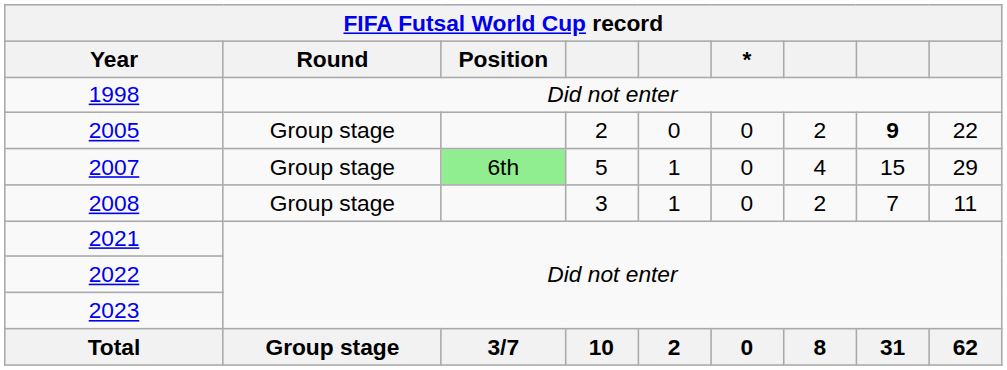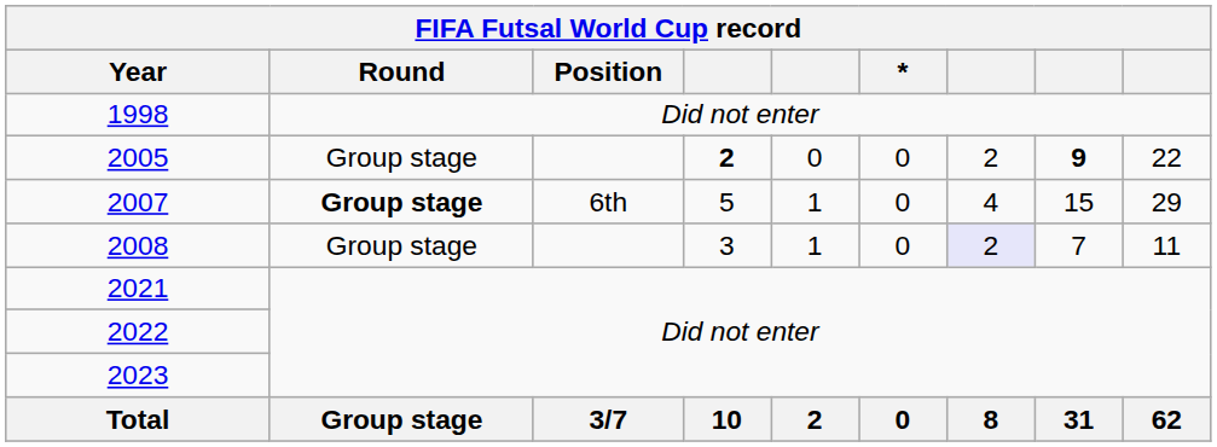 <table class="wikitable" style="font-size:90%; text-align:center;" width="50%">
 <tr>
 <th colspan="9"><a href='#'>FIFA Futsal World Cup</a> record</th>
 </tr>
 <tr>
 <th width="15%">Year</th>
 <th width="15%">Round</th>
 <th width="5%">Position</th>
 <th width="5%"></th>
 <th width="5%"></th>
 <th width="5%">*</th>
 <th width="5%"></th>
 <th width="5%"></th>
 <th width="5%"></th>
 </tr>
 <tr>
 <td> <a href='#'>1998</a></td>
 <td colspan="8"><em>Did not enter</em></td>
 </tr>
 <tr bgcolor="">
 <td> <a href='#'>2005</a></td>
 <td>Group stage</td>
 <td></td>
-<td>2</td>
+<td><strong>2</strong></td>
 <td>0</td>
 <td>0</td>
 <td>2</td>
 <td><strong>9</strong></td>
 <td>22</td>
 </tr>
 <tr>
 <td> <a href='#'>2007</a></td>
-<td>Group stage</td>
-<td style="background: lightgreen;">6th</td>
+<td><strong>Group stage</strong></td>
+<td>6th</td>
 <td>5</td>
 <td>1</td>
 <td>0</td>
 <td>4</td>
 <td>15</td>
 <td>29</td>
 </tr>
 <tr>
 <td> <a href='#'>2008</a></td>
 <td>Group stage</td>
 <td></td>
 <td>3</td>
 <td>1</td>
 <td>0</td>
-<td>2</td>
+<td style="background: lavender;">2</td>
 <td>7</td>
 <td>11</td>
 </tr>
 <tr>
 <td> <a href='#'>2021</a></td>
 <td colspan="8" rowspan="3"><em>Did not enter</em></td>
 </tr>
 <tr>
 <td> <a href='#'>2022</a></td>
 </tr>
 <tr>
 <td> <a href='#'>2023</a></td>
 </tr>
 <tr>
 <th>Total</th>
 <th>Group stage</th>
 <th>3/7</th>
 <th>10</th>
 <th>2</th>
 <th>0</th>
 <th>8</th>
 <th>31</th>
 <th>62</th>
 </tr>
 </table>
